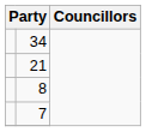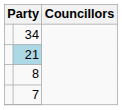 <table class="wikitable sortable">
 <tr>
 <th colspan="2">Party</th>
 <th>Councillors</th>
 </tr>
 <tr>
 <td></td>
 <td style="text-align:right">34</td>
 </tr>
 <tr>
 <td></td>
-<td style="text-align:right">21</td>
+<td style="background: lightblue; text-align:right">21</td>
 </tr>
 <tr>
 <td></td>
 <td style="text-align:right">8</td>
 </tr>
 <tr>
 <td></td>
 <td style="text-align:right">7</td>
 </tr>
 <tr>
 </tr>
 </table>
